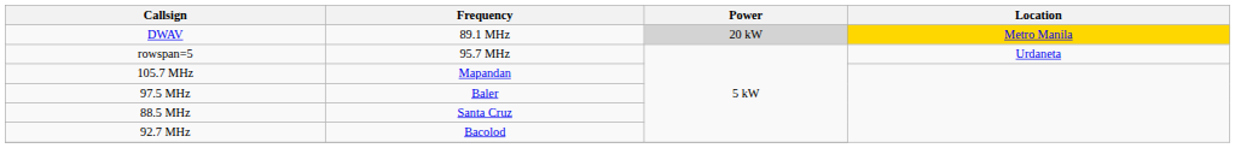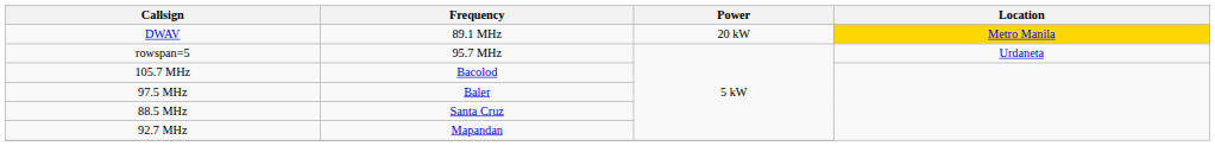 <table class="wikitable sortable" style="width:100%; text-align:center;">
 <tr>
 <th>Callsign</th>
 <th>Frequency</th>
 <th>Power</th>
 <th class="unsortable">Location</th>
 </tr>
 <tr>
 <td><a href='#'>DWAV</a></td>
 <td>89.1 MHz</td>
-<td style="background: lightgrey;">20 kW</td>
+<td>20 kW</td>
 <td style="background: gold;"><a href='#'>Metro Manila</a></td>
 </tr>
 <tr>
 <td>rowspan=5 </td>
 <td>95.7 MHz</td>
 <td rowspan="5">5 kW</td>
 <td><a href='#'>Urdaneta</a></td>
 </tr>
 <tr>
 <td>105.7 MHz</td>
-<td><a href='#'>Mapandan</a></td>
+<td><a href='#'>Bacolod</a></td>
 </tr>
 <tr>
 <td>97.5 MHz</td>
 <td><a href='#'>Baler</a></td>
 </tr>
 <tr>
 <td>88.5 MHz</td>
 <td><a href='#'>Santa Cruz</a></td>
 </tr>
 <tr>
 <td>92.7 MHz</td>
-<td><a href='#'>Bacolod</a></td>
+<td><a href='#'>Mapandan</a></td>
 </tr>
 <tr>
 </tr>
 </table>
